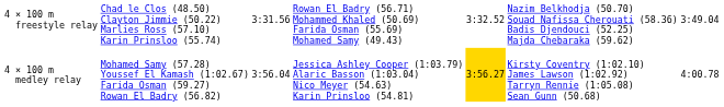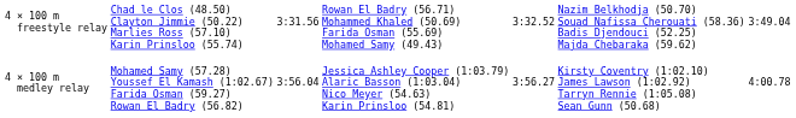 <table>
 <tr>
 <td>4 × 100 m <br>  freestyle relay<br></td>
 <td><br><a href='#'>Chad le Clos</a> (48.50)<br><a href='#'>Clayton Jimmie</a> (50.22)<br><a href='#'>Marlies Ross</a> (57.10)<br><a href='#'>Karin Prinsloo</a> (55.74)</td>
 <td>3:31.56</td>
 <td><br><a href='#'>Rowan El Badry</a> (56.71)<br><a href='#'>Mohammed Khaled</a> (50.69)<br><a href='#'>Farida Osman</a> (55.69)<br><a href='#'>Mohamed Samy</a> (49.43)</td>
 <td>3:32.52</td>
 <td><br><a href='#'>Nazim Belkhodja</a> (50.70)<br><a href='#'>Souad Nafissa Cherouati</a> (58.36)<br><a href='#'>Badis Djendouci</a> (52.25)<br><a href='#'>Majda Chebaraka</a> (59.62)</td>
 <td>3:49.04</td>
 </tr>
 <tr>
 <td>4 × 100 m <br>  medley relay<br></td>
 <td><br><a href='#'>Mohamed Samy</a> (57.28)<br><a href='#'>Youssef El Kamash</a> (1:02.67)<br><a href='#'>Farida Osman</a> (59.27)<br><a href='#'>Rowan El Badry</a> (56.82)</td>
 <td>3:56.04</td>
 <td><br><a href='#'>Jessica Ashley Cooper</a> (1:03.79)<br><a href='#'>Alaric Basson</a> (1:03.04)<br><a href='#'>Nico Meyer</a> (54.63)<br><a href='#'>Karin Prinsloo</a> (54.81)</td>
-<td style="background: gold;">3:56.27</td>
+<td>3:56.27</td>
 <td><br><a href='#'>Kirsty Coventry</a> (1:02.10)<br><a href='#'>James Lawson</a> (1:02.92)<br><a href='#'>Tarryn Rennie</a> (1:05.08)<br><a href='#'>Sean Gunn</a> (50.68)</td>
 <td>4:00.78</td>
 </tr>
 <tr>
 </tr>
 </table>
